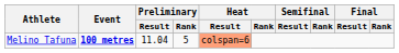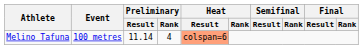 <table class="wikitable" style="font-size:90%">
 <tr>
 <th rowspan="2">Athlete</th>
 <th rowspan="2">Event</th>
 <th colspan="2">Preliminary</th>
 <th colspan="2">Heat</th>
 <th colspan="2">Semifinal</th>
 <th colspan="2">Final</th>
 </tr>
 <tr style="font-size:95%">
 <th>Result</th>
 <th>Rank</th>
 <th>Result</th>
 <th>Rank</th>
 <th>Result</th>
 <th>Rank</th>
 <th>Result</th>
 <th>Rank</th>
 </tr>
 <tr align=center>
 <td align=left><a href='#'>Melino Tafuna</a></td>
-<td align=left><strong><a href='#'>100 metres</a></strong></td>
-<td>11.04 </td>
-<td>5</td>
+<td align=left><a href='#'>100 metres</a></td>
+<td>11.14 </td>
+<td>4</td>
 <td style="background: lightsalmon;">colspan=6 </td>
 </tr>
 </table>
